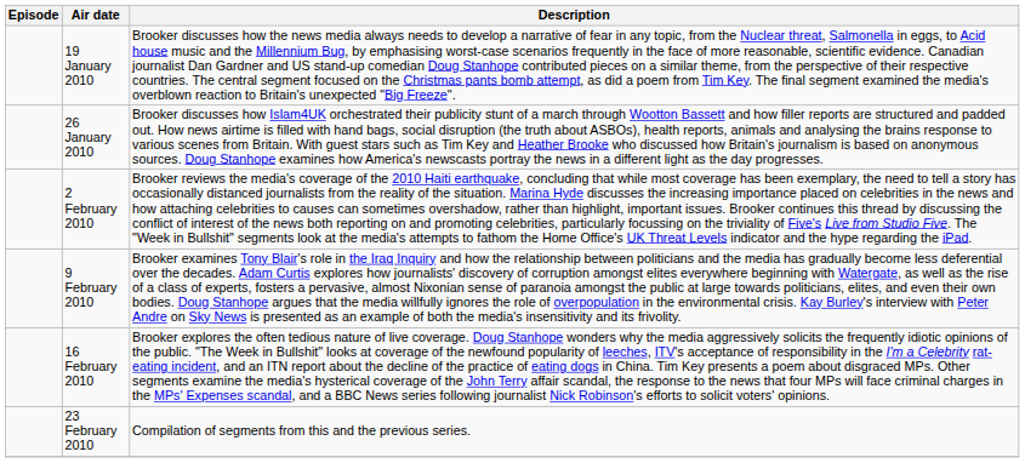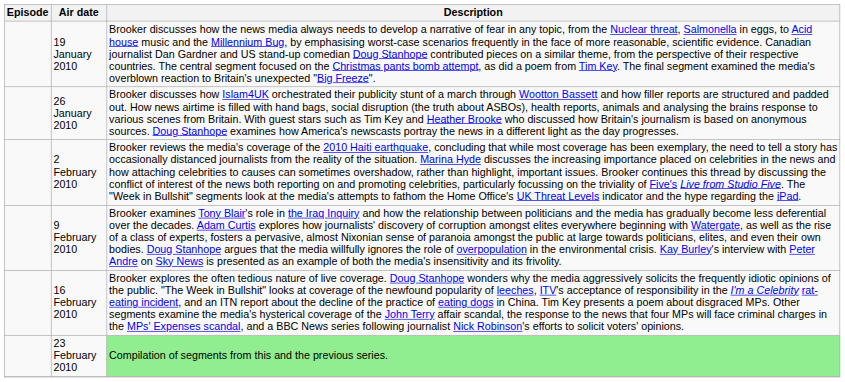 <table class="wikitable">
 <tr>
 <th>Episode</th>
 <th>Air date</th>
 <th>Description</th>
 </tr>
 <tr>
 <td align="left"></td>
 <td align="left">19 January 2010</td>
 <td align="left">Brooker discusses how the news media always needs to develop a narrative of fear in any topic, from the <a href='#'>Nuclear threat</a>, <a href='#'>Salmonella</a> in eggs, to <a href='#'>Acid house</a> music and the <a href='#'>Millennium Bug</a>, by emphasising worst-case scenarios frequently in the face of more reasonable, scientific evidence. Canadian journalist Dan Gardner and US stand-up comedian <a href='#'>Doug Stanhope</a> contributed pieces on a similar theme, from the perspective of their respective countries. The central segment focused on the <a href='#'>Christmas pants bomb attempt</a>, as did a poem from <a href='#'>Tim Key</a>. The final segment examined the media's overblown reaction to Britain's unexpected "<a href='#'>Big Freeze</a>".</td>
 </tr>
 <tr>
 <td align="left"></td>
 <td align="left">26 January 2010</td>
 <td align="left">Brooker discusses how <a href='#'>Islam4UK</a> orchestrated their publicity stunt of a march through <a href='#'>Wootton Bassett</a> and how filler reports are structured and padded out. How news airtime is filled with hand bags, social disruption (the truth about ASBOs), health reports, animals and analysing the brains response to various scenes from Britain. With guest stars such as Tim Key and <a href='#'>Heather Brooke</a> who discussed how Britain's journalism is based on anonymous sources. <a href='#'>Doug Stanhope</a> examines how America's newscasts portray the news in a different light as the day progresses.</td>
 </tr>
 <tr>
 <td align="left"></td>
 <td align="left">2 February 2010</td>
 <td align="left">Brooker reviews the media's coverage of the <a href='#'>2010 Haiti earthquake</a>, concluding that while most coverage has been exemplary, the need to tell a story has occasionally distanced journalists from the reality of the situation. <a href='#'>Marina Hyde</a> discusses the increasing importance placed on celebrities in the news and how attaching celebrities to causes can sometimes overshadow, rather than highlight, important issues. Brooker continues this thread by discussing the conflict of interest of the news both reporting on and promoting celebrities, particularly focussing on the triviality of <a href='#'>Five's</a> <em><a href='#'>Live from Studio Five</a></em>. The "Week in Bullshit" segments look at the media's attempts to fathom the Home Office's <a href='#'>UK Threat Levels</a> indicator and the hype regarding the <a href='#'>iPad</a>.</td>
 </tr>
 <tr>
 <td align="left"></td>
 <td align="left">9 February 2010</td>
 <td align="left">Brooker examines <a href='#'>Tony Blair</a>'s role in <a href='#'>the Iraq Inquiry</a> and how the relationship between politicians and the media has gradually become less deferential over the decades. <a href='#'>Adam Curtis</a> explores how journalists' discovery of corruption amongst elites everywhere beginning with <a href='#'>Watergate</a>, as well as the rise of a class of experts, fosters a pervasive, almost Nixonian sense of paranoia amongst the public at large towards politicians, elites, and even their own bodies. <a href='#'>Doug Stanhope</a> argues that the media willfully ignores the role of <a href='#'>overpopulation</a> in the environmental crisis. <a href='#'>Kay Burley</a>'s interview with <a href='#'>Peter Andre</a> on <a href='#'>Sky News</a> is presented as an example of both the media's insensitivity and its frivolity.</td>
 </tr>
 <tr>
 <td align="left"></td>
 <td align="left">16 February 2010</td>
 <td align="left">Brooker explores the often tedious nature of live coverage. <a href='#'>Doug Stanhope</a> wonders why the media aggressively solicits the frequently idiotic opinions of the public. "The Week in Bullshit" looks at coverage of the newfound popularity of <a href='#'>leeches</a>, <a href='#'>ITV</a>'s acceptance of responsibility in the <em><a href='#'>I'm a Celebrity</a></em> <a href='#'>rat-eating incident</a>, and an ITN report about the decline of the practice of <a href='#'>eating dogs</a> in China. Tim Key presents a poem about disgraced MPs. Other segments examine the media's hysterical coverage of the <a href='#'>John Terry</a> affair scandal, the response to the news that four MPs will face criminal charges in the <a href='#'>MPs' Expenses scandal</a>, and a BBC News series following journalist <a href='#'>Nick Robinson</a>'s efforts to solicit voters' opinions.</td>
 </tr>
 <tr>
 <td align="left"></td>
 <td align="left">23 February 2010</td>
-<td align="left">Compilation of segments from this and the previous series.</td>
+<td align="left" style="background: lightgreen;">Compilation of segments from this and the previous series.</td>
 </tr>
 <tr>
 </tr>
 </table>
